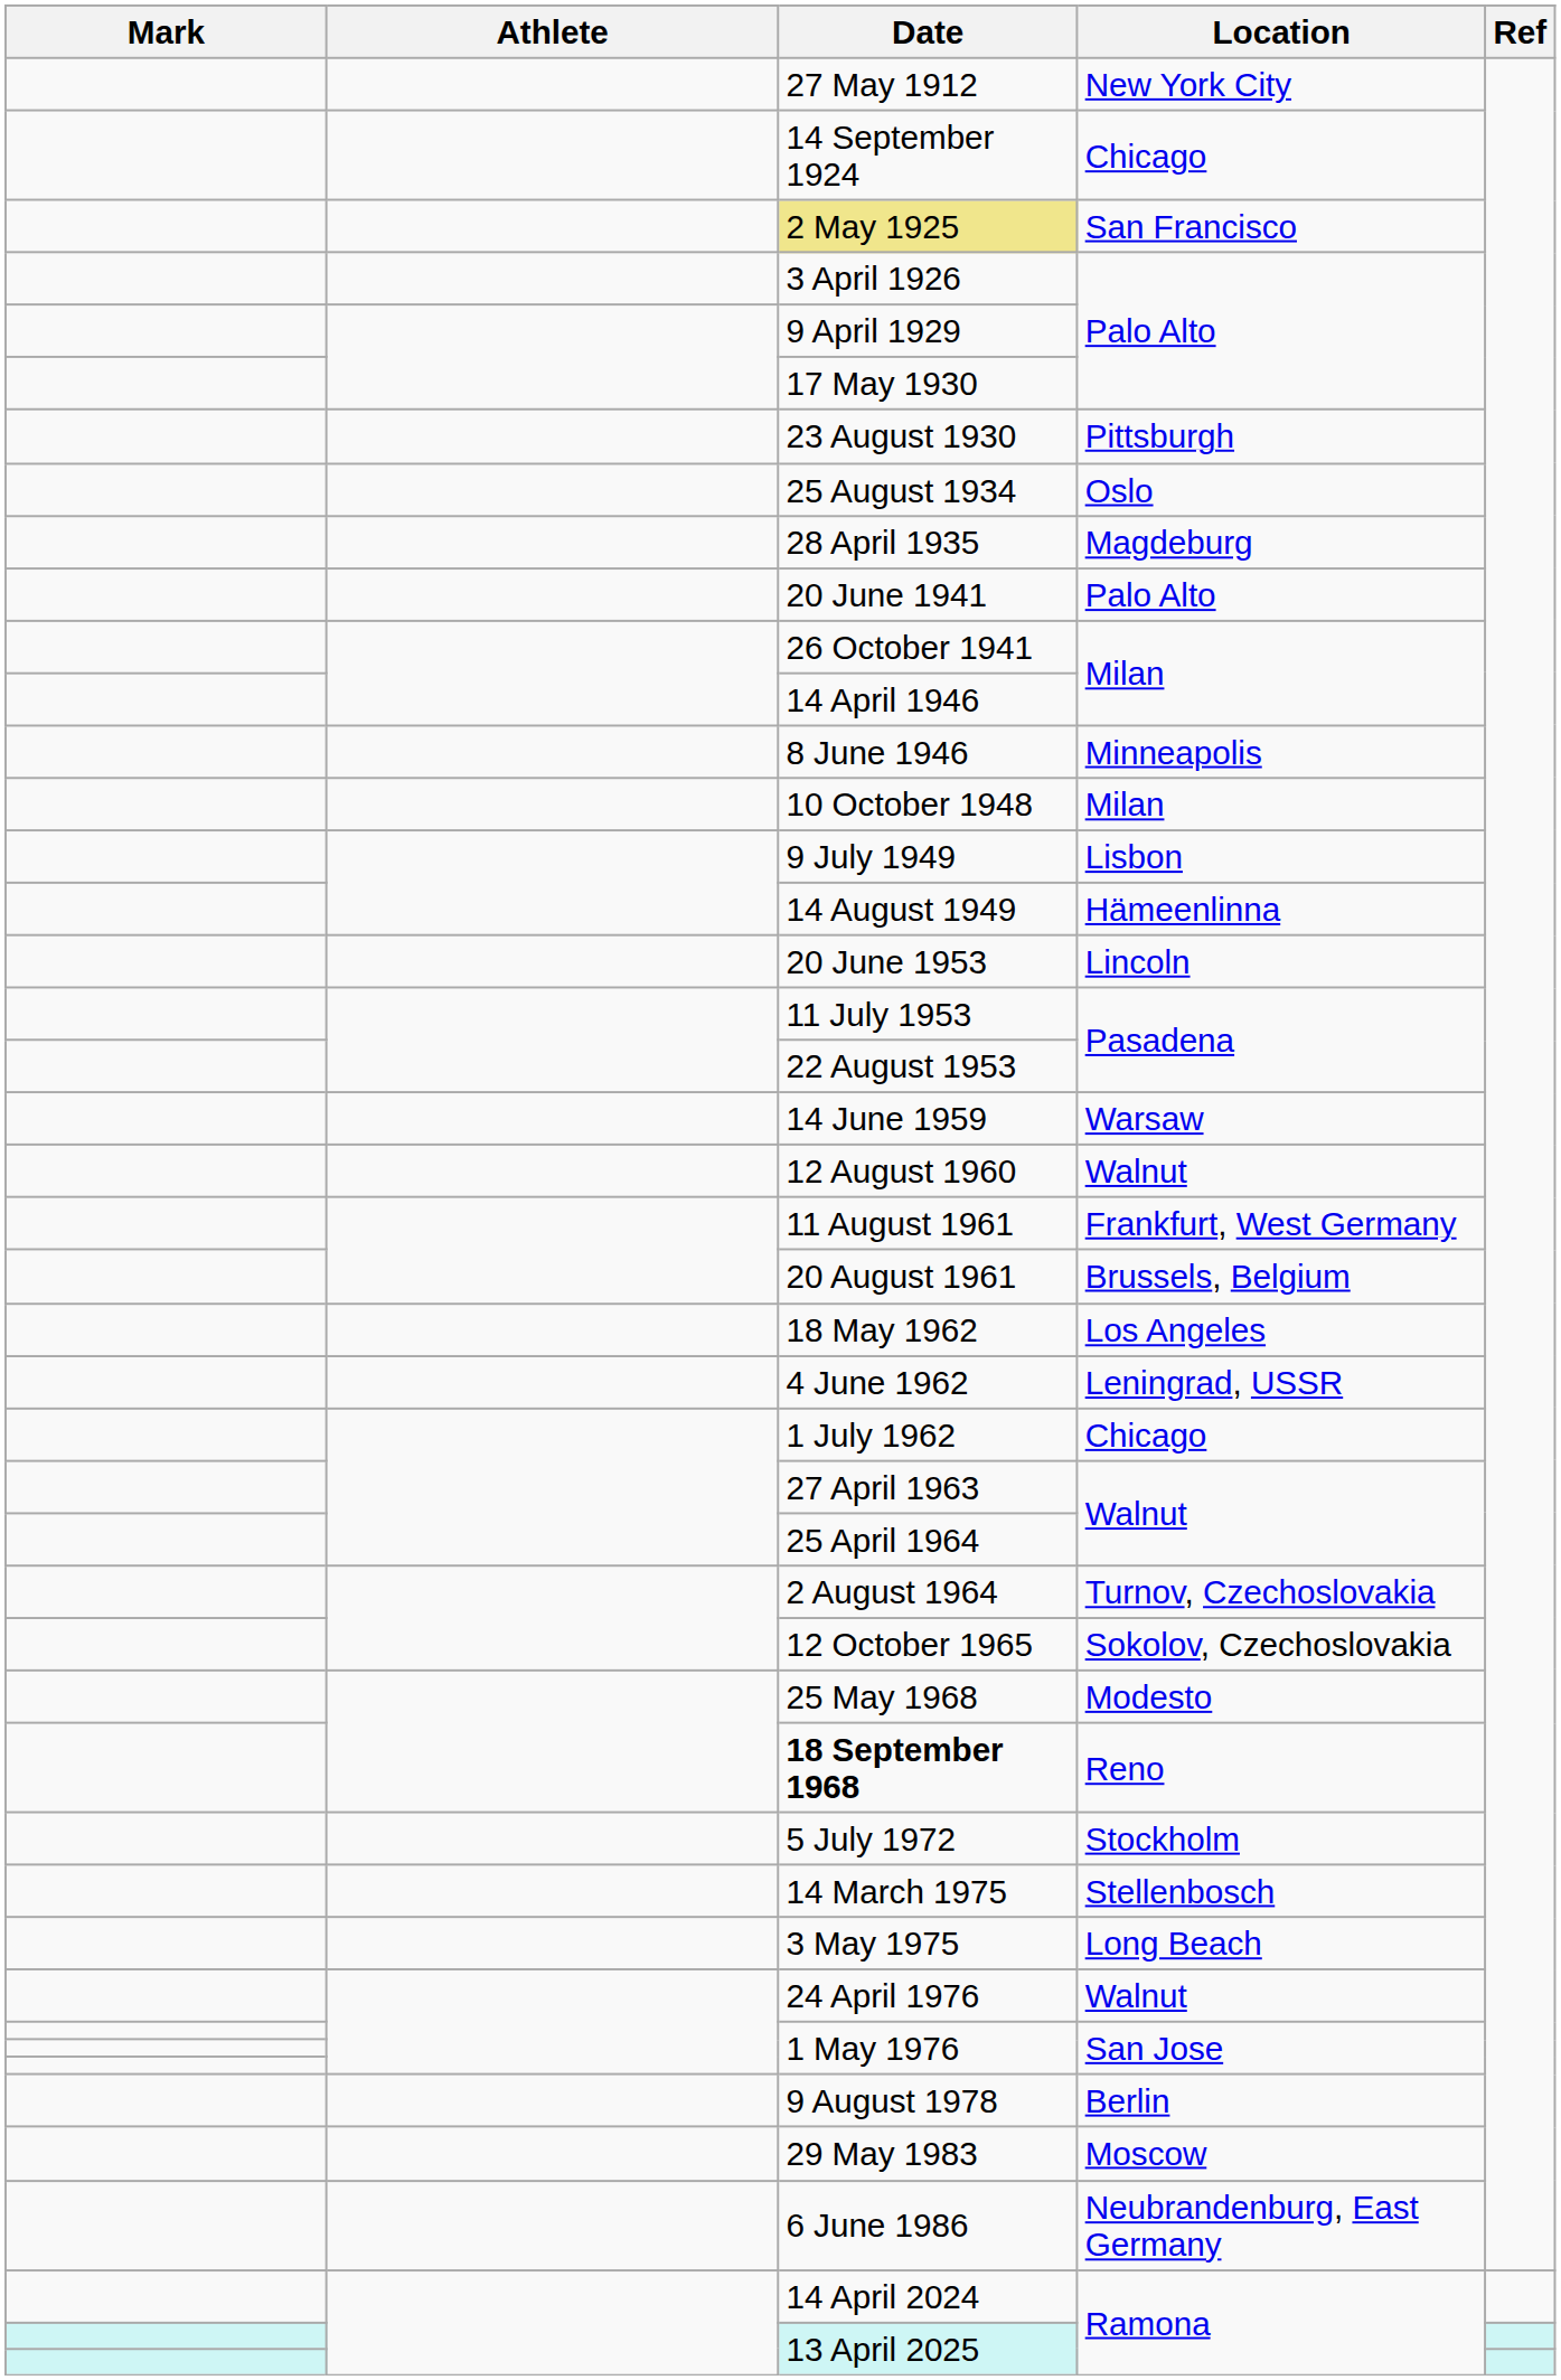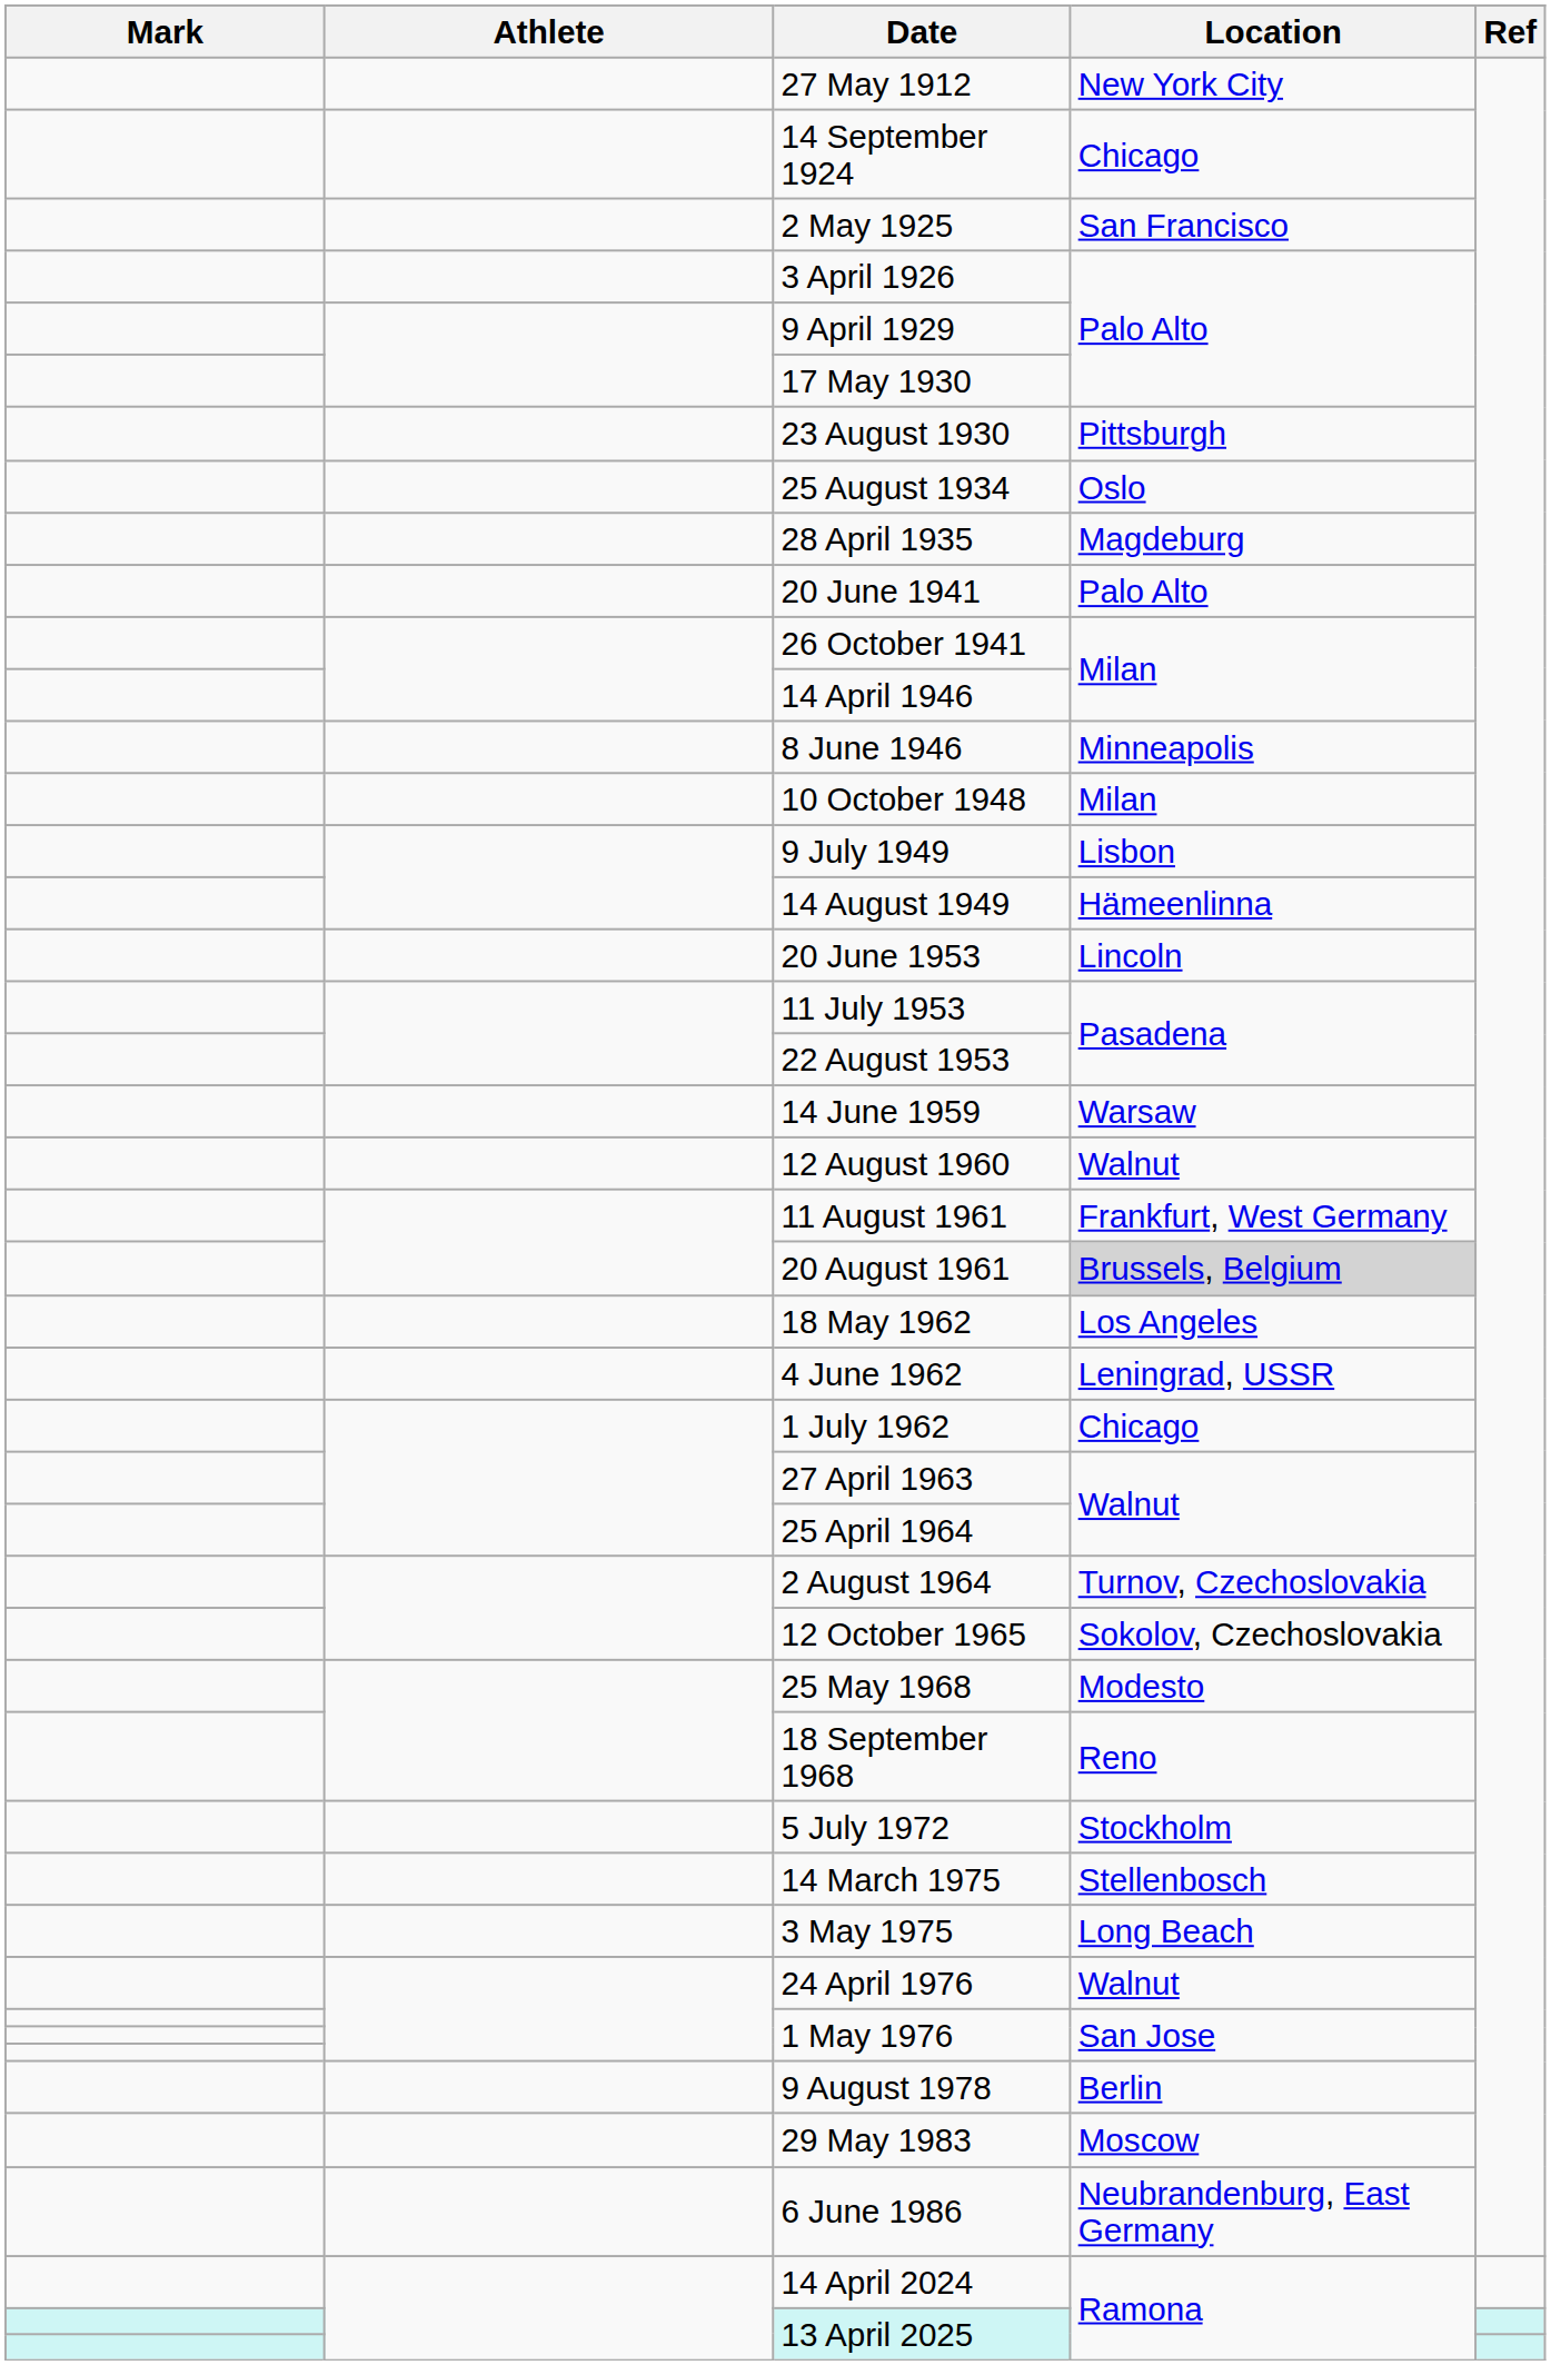 <table class="wikitable sortable" style="font-size:95%;">
 <tr>
 <th width="140">Mark</th>
 <th width="200">Athlete</th>
 <th width="130">Date</th>
 <th width="180">Location</th>
 <th width="15">Ref</th>
 </tr>
 <tr>
 <td></td>
 <td></td>
 <td>27 May 1912</td>
 <td><a href='#'>New York City</a></td>
 </tr>
 <tr>
 <td></td>
 <td></td>
 <td>14 September 1924</td>
 <td><a href='#'>Chicago</a></td>
 </tr>
 <tr>
 <td></td>
 <td></td>
-<td style="background: khaki;">2 May 1925</td>
+<td>2 May 1925</td>
 <td><a href='#'>San Francisco</a></td>
 </tr>
 <tr>
 <td></td>
 <td></td>
 <td>3 April 1926</td>
 <td rowspan="3"><a href='#'>Palo Alto</a></td>
 </tr>
 <tr>
 <td></td>
 <td rowspan="2"></td>
 <td>9 April 1929</td>
 </tr>
 <tr>
 <td></td>
 <td>17 May 1930</td>
 </tr>
 <tr>
 <td></td>
 <td></td>
 <td>23 August 1930</td>
 <td><a href='#'>Pittsburgh</a></td>
 </tr>
 <tr>
 <td></td>
 <td></td>
 <td>25 August 1934</td>
 <td><a href='#'>Oslo</a></td>
 </tr>
 <tr>
 <td></td>
 <td></td>
 <td>28 April 1935</td>
 <td><a href='#'>Magdeburg</a></td>
 </tr>
 <tr>
 <td></td>
 <td></td>
 <td>20 June 1941</td>
 <td><a href='#'>Palo Alto</a></td>
 </tr>
 <tr>
 <td></td>
 <td rowspan="2"></td>
 <td>26 October 1941</td>
 <td rowspan="2"><a href='#'>Milan</a></td>
 </tr>
 <tr>
 <td></td>
 <td>14 April 1946</td>
 </tr>
 <tr>
 <td></td>
 <td></td>
 <td>8 June 1946</td>
 <td><a href='#'>Minneapolis</a></td>
 </tr>
 <tr>
 <td></td>
 <td></td>
 <td>10 October 1948</td>
 <td><a href='#'>Milan</a></td>
 </tr>
 <tr>
 <td></td>
 <td rowspan="2"></td>
 <td>9 July 1949</td>
 <td><a href='#'>Lisbon</a></td>
 </tr>
 <tr>
 <td></td>
 <td>14 August 1949</td>
 <td><a href='#'>Hämeenlinna</a></td>
 </tr>
 <tr>
 <td></td>
 <td></td>
 <td>20 June 1953</td>
 <td><a href='#'>Lincoln</a></td>
 </tr>
 <tr>
 <td></td>
 <td rowspan="2"></td>
 <td>11 July 1953</td>
 <td rowspan="2"><a href='#'>Pasadena</a></td>
 </tr>
 <tr>
 <td></td>
 <td>22 August 1953</td>
 </tr>
 <tr>
 <td></td>
 <td></td>
 <td>14 June 1959</td>
 <td><a href='#'>Warsaw</a></td>
 </tr>
 <tr>
 <td></td>
 <td></td>
 <td>12 August 1960</td>
 <td><a href='#'>Walnut</a></td>
 </tr>
 <tr>
 <td></td>
 <td rowspan="2"></td>
 <td>11 August 1961</td>
 <td><a href='#'>Frankfurt</a>, <a href='#'>West Germany</a></td>
 </tr>
 <tr>
 <td></td>
 <td>20 August 1961</td>
-<td><a href='#'>Brussels</a>, <a href='#'>Belgium</a></td>
+<td style="background: lightgrey;"><a href='#'>Brussels</a>, <a href='#'>Belgium</a></td>
 </tr>
 <tr>
 <td></td>
 <td></td>
 <td>18 May 1962</td>
 <td><a href='#'>Los Angeles</a></td>
 </tr>
 <tr>
 <td></td>
 <td></td>
 <td>4 June 1962</td>
 <td><a href='#'>Leningrad</a>, <a href='#'>USSR</a></td>
 </tr>
 <tr>
 <td></td>
 <td rowspan="3"></td>
 <td>1 July 1962</td>
 <td><a href='#'>Chicago</a></td>
 </tr>
 <tr>
 <td></td>
 <td>27 April 1963</td>
 <td rowspan="2"><a href='#'>Walnut</a></td>
 </tr>
 <tr>
 <td></td>
 <td>25 April 1964</td>
 </tr>
 <tr>
 <td></td>
 <td rowspan="2"></td>
 <td>2 August 1964</td>
 <td><a href='#'>Turnov</a>, <a href='#'>Czechoslovakia</a></td>
 </tr>
 <tr>
 <td></td>
 <td>12 October 1965</td>
 <td><a href='#'>Sokolov</a>, Czechoslovakia</td>
 </tr>
 <tr>
 <td></td>
 <td rowspan="2"></td>
 <td>25 May 1968</td>
 <td><a href='#'>Modesto</a></td>
 </tr>
 <tr>
 <td> </td>
-<td><strong>18 September 1968</strong></td>
+<td>18 September 1968</td>
 <td><a href='#'>Reno</a></td>
 </tr>
 <tr>
 <td></td>
 <td></td>
 <td>5 July 1972</td>
 <td><a href='#'>Stockholm</a></td>
 </tr>
 <tr>
 <td></td>
 <td></td>
 <td>14 March 1975</td>
 <td><a href='#'>Stellenbosch</a></td>
 </tr>
 <tr>
 <td></td>
 <td></td>
 <td>3 May 1975</td>
 <td><a href='#'>Long Beach</a></td>
 </tr>
 <tr>
 <td></td>
 <td rowspan="4"></td>
 <td>24 April 1976</td>
 <td><a href='#'>Walnut</a></td>
 </tr>
 <tr>
 <td></td>
 <td rowspan="3">1 May 1976</td>
 <td rowspan="3"><a href='#'>San Jose</a></td>
 </tr>
 <tr>
 <td></td>
 </tr>
 <tr>
 <td></td>
 </tr>
 <tr>
 <td></td>
 <td></td>
 <td>9 August 1978</td>
 <td><a href='#'>Berlin</a></td>
 </tr>
 <tr>
 <td></td>
 <td></td>
 <td>29 May 1983</td>
 <td><a href='#'>Moscow</a></td>
 </tr>
 <tr>
 <td></td>
 <td></td>
 <td>6 June 1986</td>
 <td><a href='#'>Neubrandenburg</a>, <a href='#'>East Germany</a></td>
 </tr>
 <tr>
 <td></td>
 <td rowspan="3"></td>
 <td>14 April 2024</td>
 <td rowspan="3"><a href='#'>Ramona</a></td>
 <td></td>
 </tr>
 <tr style="background:#CEF6F5">
 <td></td>
 <td rowspan="2">13 April 2025</td>
 <td></td>
 </tr>
 <tr style="background:#CEF6F5">
 <td></td>
 <td></td>
 </tr>
 </table>
